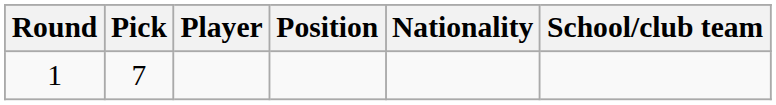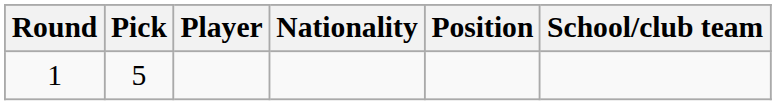 <table class="wikitable sortable sortable" style="text-align: center">
 <tr>
 <th>Round</th>
 <th>Pick</th>
 <th>Player</th>
+<th>Nationality</th>
 <th>Position</th>
-<th>Nationality</th>
 <th>School/club team</th>
 </tr>
 <tr style="text-align: center">
 <td>1</td>
-<td>7</td>
+<td>5</td>
 <td></td>
 <td></td>
 <td></td>
 <td></td>
 </tr>
 </table>
